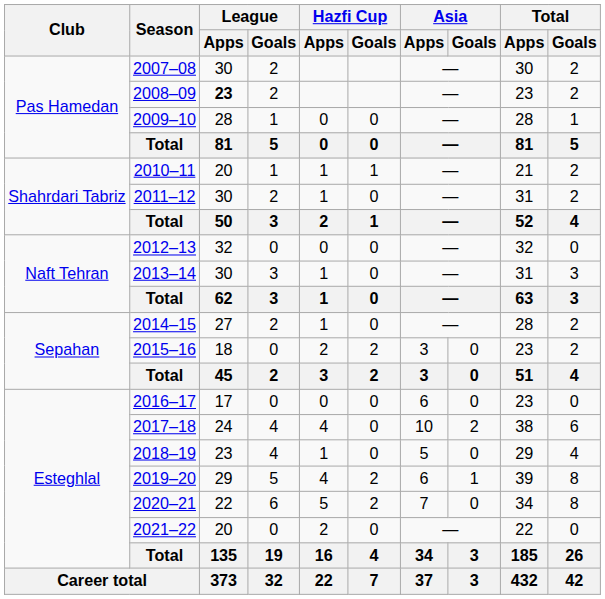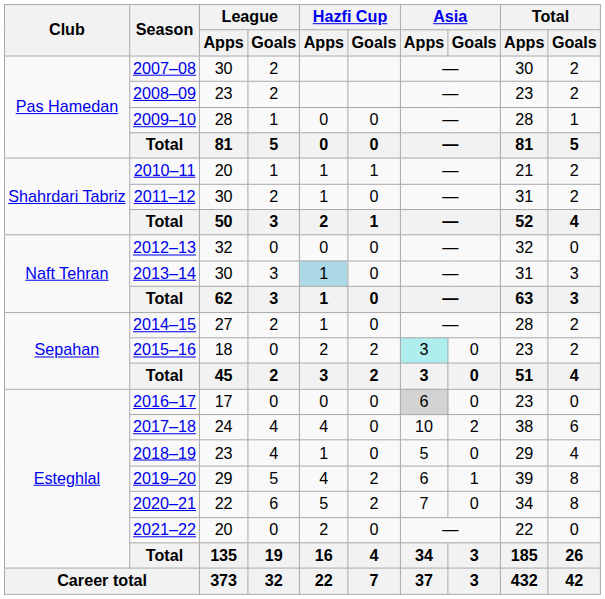 <table class="wikitable" style="text-align:center">
 <tr>
 </tr>
 <tr>
 <th rowspan=2>Club</th>
 <th rowspan=2>Season</th>
 <th colspan="2">League</th>
 <th colspan="2"><a href='#'>Hazfi Cup</a></th>
 <th colspan="2"><a href='#'>Asia</a></th>
 <th colspan=2>Total</th>
 </tr>
 <tr>
 <th>Apps</th>
 <th>Goals</th>
 <th>Apps</th>
 <th>Goals</th>
 <th>Apps</th>
 <th>Goals</th>
 <th>Apps</th>
 <th>Goals</th>
 </tr>
 <tr>
 <td rowspan="4"><a href='#'>Pas Hamedan</a></td>
 <td><a href='#'>2007–08</a></td>
 <td>30</td>
 <td>2</td>
 <td></td>
 <td></td>
 <td colspan="2">—</td>
 <td>30</td>
 <td>2</td>
 </tr>
 <tr>
 <td><a href='#'>2008–09</a></td>
-<td><strong>23</strong></td>
+<td>23</td>
 <td>2</td>
 <td></td>
 <td></td>
 <td colspan="2">—</td>
 <td>23</td>
 <td>2</td>
 </tr>
 <tr>
 <td><a href='#'>2009–10</a></td>
 <td>28</td>
 <td>1</td>
 <td>0</td>
 <td>0</td>
 <td colspan="2">—</td>
 <td>28</td>
 <td>1</td>
 </tr>
 <tr>
 <th>Total</th>
 <th>81</th>
 <th>5</th>
 <th>0</th>
 <th>0</th>
 <th colspan="2">—</th>
 <th>81</th>
 <th>5</th>
 </tr>
 <tr>
 <td rowspan="3"><a href='#'>Shahrdari Tabriz</a></td>
 <td><a href='#'>2010–11</a></td>
 <td>20</td>
 <td>1</td>
 <td>1</td>
 <td>1</td>
 <td colspan="2">—</td>
 <td>21</td>
 <td>2</td>
 </tr>
 <tr>
 <td><a href='#'>2011–12</a></td>
 <td>30</td>
 <td>2</td>
 <td>1</td>
 <td>0</td>
 <td colspan="2">—</td>
 <td>31</td>
 <td>2</td>
 </tr>
 <tr>
 <th>Total</th>
 <th>50</th>
 <th>3</th>
 <th>2</th>
 <th>1</th>
 <th colspan="2">—</th>
 <th>52</th>
 <th>4</th>
 </tr>
 <tr>
 <td rowspan="3"><a href='#'>Naft Tehran</a></td>
 <td><a href='#'>2012–13</a></td>
 <td>32</td>
 <td>0</td>
 <td>0</td>
 <td>0</td>
 <td colspan="2">—</td>
 <td>32</td>
 <td>0</td>
 </tr>
 <tr>
 <td><a href='#'>2013–14</a></td>
 <td>30</td>
 <td>3</td>
-<td>1</td>
+<td style="background: lightblue;">1</td>
 <td>0</td>
 <td colspan="2">—</td>
 <td>31</td>
 <td>3</td>
 </tr>
 <tr>
 <th>Total</th>
 <th>62</th>
 <th>3</th>
 <th>1</th>
 <th>0</th>
 <th colspan="2">—</th>
 <th>63</th>
 <th>3</th>
 </tr>
 <tr>
 <td rowspan="3"><a href='#'>Sepahan</a></td>
 <td><a href='#'>2014–15</a></td>
 <td>27</td>
 <td>2</td>
 <td>1</td>
 <td>0</td>
 <td colspan="2">—</td>
 <td>28</td>
 <td>2</td>
 </tr>
 <tr>
 <td><a href='#'>2015–16</a></td>
 <td>18</td>
 <td>0</td>
 <td>2</td>
 <td>2</td>
-<td>3</td>
+<td style="background: paleturquoise;">3</td>
 <td>0</td>
 <td>23</td>
 <td>2</td>
 </tr>
 <tr>
 <th>Total</th>
 <th>45</th>
 <th>2</th>
 <th>3</th>
 <th>2</th>
 <th>3</th>
 <th>0</th>
 <th>51</th>
 <th>4</th>
 </tr>
 <tr>
 <td rowspan="7"><a href='#'>Esteghlal</a></td>
 <td><a href='#'>2016–17</a></td>
 <td>17</td>
 <td>0</td>
 <td>0</td>
 <td>0</td>
-<td>6</td>
+<td style="background: lightgrey;">6</td>
 <td>0</td>
 <td>23</td>
 <td>0</td>
 </tr>
 <tr>
 <td><a href='#'>2017–18</a></td>
 <td>24</td>
 <td>4</td>
 <td>4</td>
 <td>0</td>
 <td>10</td>
 <td>2</td>
 <td>38</td>
 <td>6</td>
 </tr>
 <tr>
 <td><a href='#'>2018–19</a></td>
 <td>23</td>
 <td>4</td>
 <td>1</td>
 <td>0</td>
 <td>5</td>
 <td>0</td>
 <td>29</td>
 <td>4</td>
 </tr>
 <tr>
 <td><a href='#'>2019–20</a></td>
 <td>29</td>
 <td>5</td>
 <td>4</td>
 <td>2</td>
 <td>6</td>
 <td>1</td>
 <td>39</td>
 <td>8</td>
 </tr>
 <tr>
 <td><a href='#'>2020–21</a></td>
 <td>22</td>
 <td>6</td>
 <td>5</td>
 <td>2</td>
 <td>7</td>
 <td>0</td>
 <td>34</td>
 <td>8</td>
 </tr>
 <tr>
 <td><a href='#'>2021–22</a></td>
 <td>20</td>
 <td>0</td>
 <td>2</td>
 <td>0</td>
 <td colspan="2">—</td>
 <td>22</td>
 <td>0</td>
 </tr>
 <tr>
 <th>Total</th>
 <th>135</th>
 <th>19</th>
 <th>16</th>
 <th>4</th>
 <th>34</th>
 <th>3</th>
 <th>185</th>
 <th>26</th>
 </tr>
 <tr>
 <th colspan="2">Career total</th>
 <th>373</th>
 <th>32</th>
 <th>22</th>
 <th>7</th>
 <th>37</th>
 <th>3</th>
 <th>432</th>
 <th>42</th>
 </tr>
 </table>
